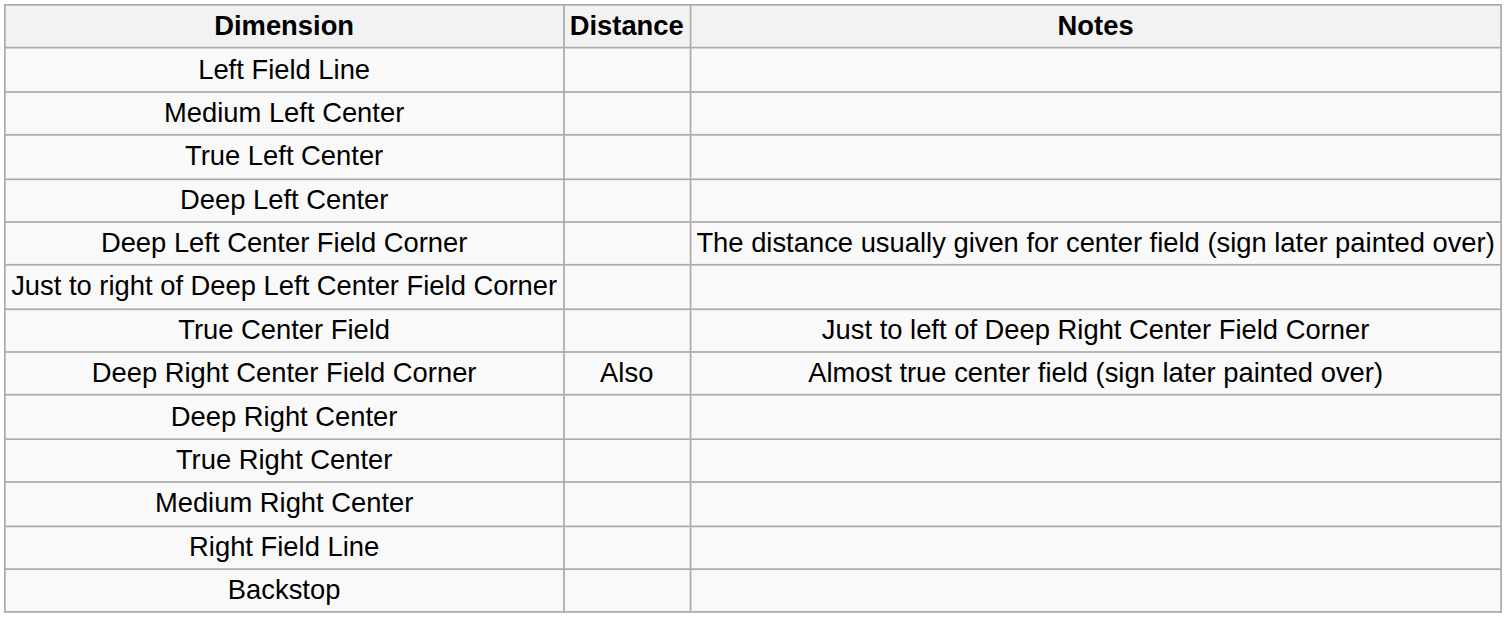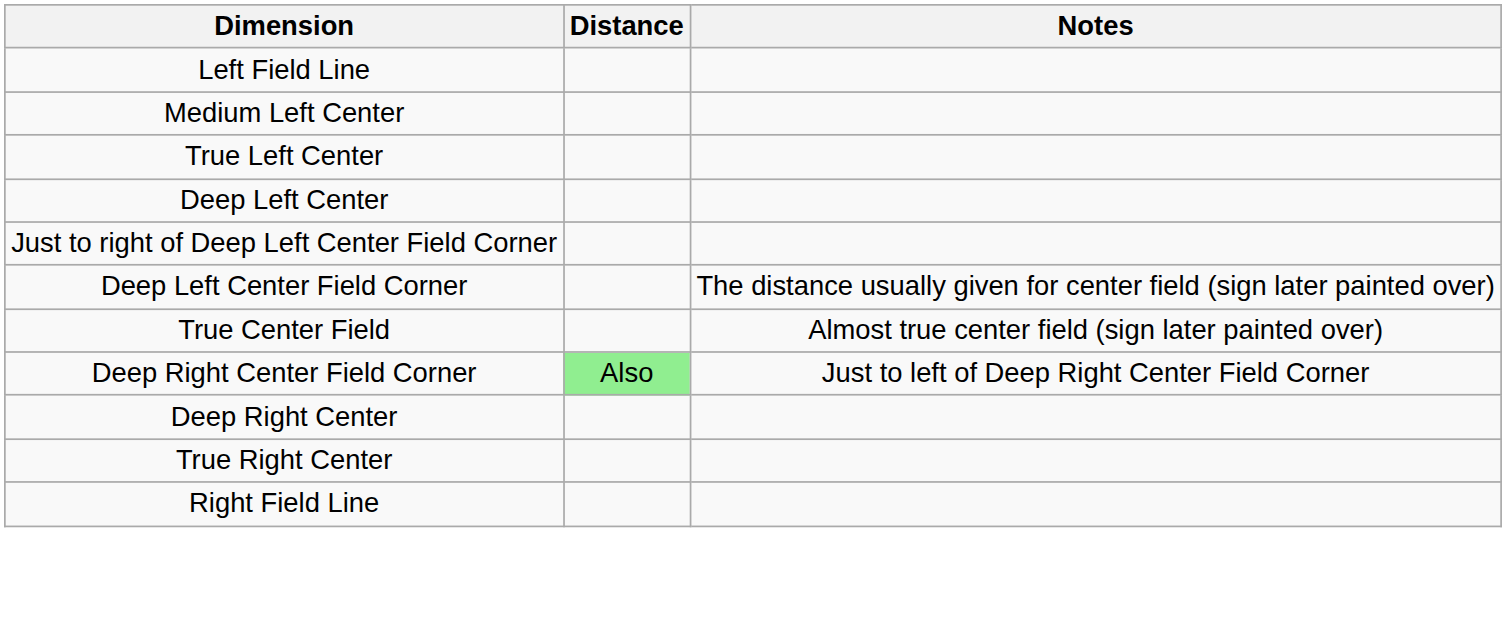 <table class="wikitable" style="text-align:center">
 <tr>
 <th>Dimension</th>
 <th>Distance</th>
 <th>Notes</th>
 </tr>
 <tr>
 <td>Left Field Line</td>
 <td></td>
 <td></td>
 </tr>
 <tr>
 <td>Medium Left Center</td>
 <td></td>
 <td></td>
 </tr>
 <tr>
 <td>True Left Center</td>
 <td></td>
 <td></td>
 </tr>
 <tr>
 <td>Deep Left Center</td>
 <td></td>
 <td></td>
 </tr>
 <tr>
+<td>Just to right of Deep Left Center Field Corner</td>
+<td></td>
+<td></td>
+</tr>
+<tr>
 <td>Deep Left Center Field Corner</td>
 <td></td>
 <td>The distance usually given for center field (sign later painted over)</td>
 </tr>
 <tr>
-<td>Just to right of Deep Left Center Field Corner</td>
-<td></td>
-<td></td>
-</tr>
-<tr>
 <td>True Center Field</td>
 <td></td>
-<td>Just to left of Deep Right Center Field Corner</td>
+<td>Almost true center field (sign later painted over)</td>
 </tr>
 <tr>
 <td>Deep Right Center Field Corner</td>
-<td>Also </td>
-<td>Almost true center field (sign later painted over)</td>
+<td style="background: lightgreen;">Also </td>
+<td>Just to left of Deep Right Center Field Corner</td>
 </tr>
 <tr>
 <td>Deep Right Center</td>
 <td></td>
 <td></td>
 </tr>
 <tr>
 <td>True Right Center</td>
 <td></td>
 <td></td>
 </tr>
 <tr>
-<td>Medium Right Center</td>
-<td></td>
-<td></td>
-</tr>
-<tr>
 <td>Right Field Line</td>
 <td></td>
 <td></td>
 </tr>
-<tr>
-<td>Backstop</td>
-<td></td>
-<td></td>
-</tr>
 </table>
